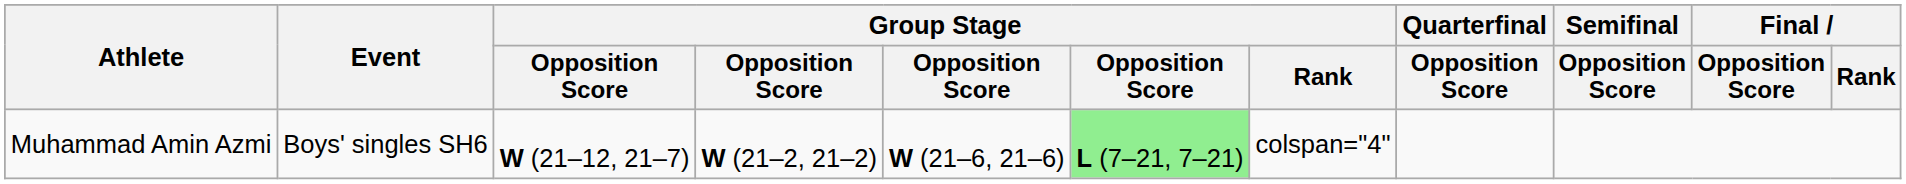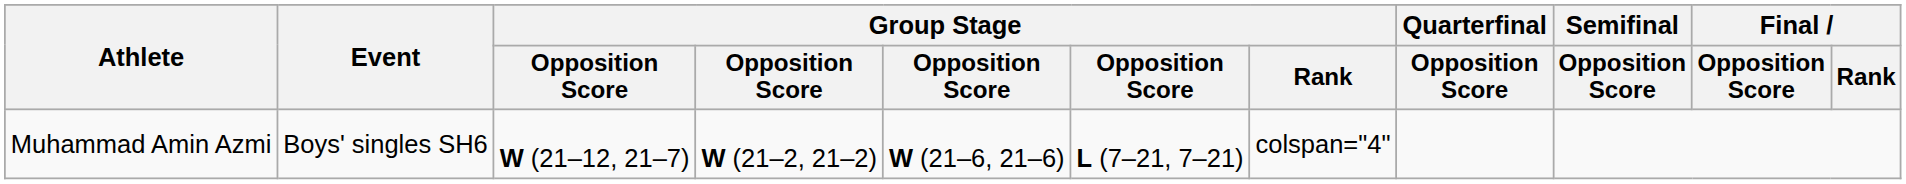 <table class="wikitable" style="font-size:90%; text-align:center">
 <tr>
 <th rowspan="2">Athlete</th>
 <th rowspan="2">Event</th>
 <th colspan="5">Group Stage</th>
 <th>Quarterfinal</th>
 <th>Semifinal</th>
 <th colspan="2">Final / </th>
 </tr>
 <tr style="font-size:95%">
 <th>Opposition<br>Score</th>
 <th>Opposition<br>Score</th>
 <th>Opposition<br>Score</th>
 <th>Opposition<br>Score</th>
 <th>Rank</th>
 <th>Opposition<br>Score</th>
 <th>Opposition<br>Score</th>
 <th>Opposition<br>Score</th>
 <th>Rank</th>
 </tr>
 <tr>
 <td align="left">Muhammad Amin Azmi</td>
 <td align="left">Boys' singles SH6</td>
 <td><br><strong>W</strong> (21–12, 21–7)</td>
 <td><br><strong>W</strong> (21–2, 21–2)</td>
 <td><br><strong>W</strong> (21–6, 21–6)</td>
-<td style="background: lightgreen;"><br><strong>L</strong> (7–21, 7–21)</td>
+<td><br><strong>L</strong> (7–21, 7–21)</td>
 <td>colspan="4" </td>
 <td></td>
 </tr>
 </table>
